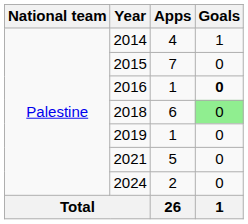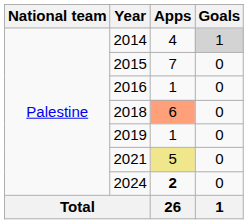 <table class="wikitable" style="text-align: center;">
 <tr>
 <th>National team</th>
 <th>Year</th>
 <th>Apps</th>
 <th>Goals</th>
 </tr>
 <tr>
 <td rowspan="7"><a href='#'>Palestine</a></td>
 <td>2014</td>
 <td>4</td>
-<td>1</td>
+<td style="background: lightgrey;">1</td>
 </tr>
 <tr>
 <td>2015</td>
 <td>7</td>
 <td>0</td>
 </tr>
 <tr>
 <td>2016</td>
 <td>1</td>
-<td><strong>0</strong></td>
+<td>0</td>
 </tr>
 <tr>
 <td>2018</td>
-<td>6</td>
-<td style="background: lightgreen;">0</td>
+<td style="background: lightsalmon;">6</td>
+<td>0</td>
 </tr>
 <tr>
 <td>2019</td>
 <td>1</td>
 <td>0</td>
 </tr>
 <tr>
 <td>2021</td>
-<td>5</td>
+<td style="background: khaki;">5</td>
 <td>0</td>
 </tr>
 <tr>
 <td>2024</td>
-<td>2</td>
+<td><strong>2</strong></td>
 <td>0</td>
 </tr>
 <tr>
 <th colspan="2">Total</th>
 <th>26</th>
 <th>1</th>
 </tr>
 </table>
